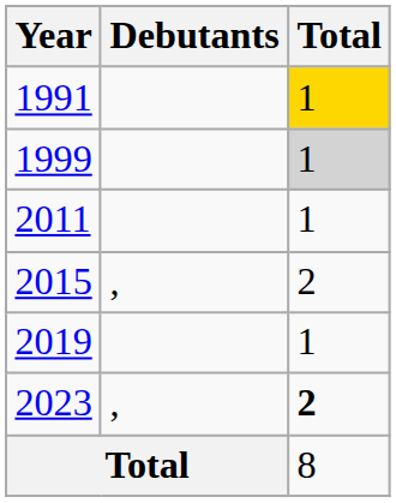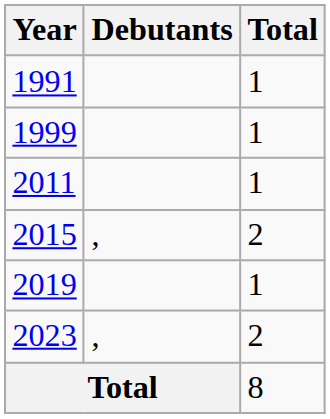 <table class="wikitable" style>
 <tr>
 <th>Year</th>
 <th>Debutants</th>
 <th>Total</th>
 </tr>
 <tr>
 <td><a href='#'>1991</a></td>
 <td></td>
-<td style="background: gold;">1</td>
+<td>1</td>
 </tr>
 <tr>
 <td><a href='#'>1999</a></td>
 <td></td>
-<td style="background: lightgrey;">1</td>
+<td>1</td>
 </tr>
 <tr>
 <td><a href='#'>2011</a></td>
 <td></td>
 <td>1</td>
 </tr>
 <tr>
 <td><a href='#'>2015</a></td>
 <td>, </td>
 <td>2</td>
 </tr>
 <tr>
 <td><a href='#'>2019</a></td>
 <td></td>
 <td>1</td>
 </tr>
 <tr>
 <td><a href='#'>2023</a></td>
 <td>, </td>
-<td><strong>2</strong></td>
+<td>2</td>
 </tr>
 <tr>
 <th colspan=2>Total</th>
 <td>8</td>
 </tr>
 </table>
